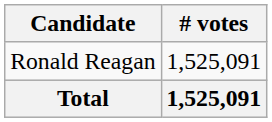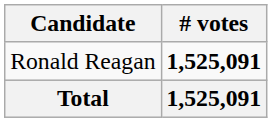 <table class="wikitable sortable">
 <tr>
 <th>Candidate</th>
 <th># votes</th>
 </tr>
 <tr>
 <td>Ronald Reagan</td>
-<td>1,525,091</td>
+<td><strong>1,525,091</strong></td>
 </tr>
 <tr>
 <th>Total</th>
 <th>1,525,091</th>
 </tr>
 </table>
